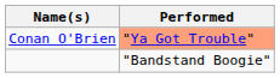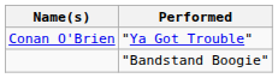 <table class="wikitable sortable">
 <tr>
 <th>Name(s)</th>
 <th>Performed</th>
 </tr>
 <tr>
 <td><a href='#'>Conan O'Brien</a></td>
-<td style="background: lightsalmon;">"<a href='#'>Ya Got Trouble</a>"</td>
+<td>"<a href='#'>Ya Got Trouble</a>"</td>
 </tr>
 <tr>
 <td></td>
 <td>"Bandstand Boogie"</td>
 </tr>
 </table>
